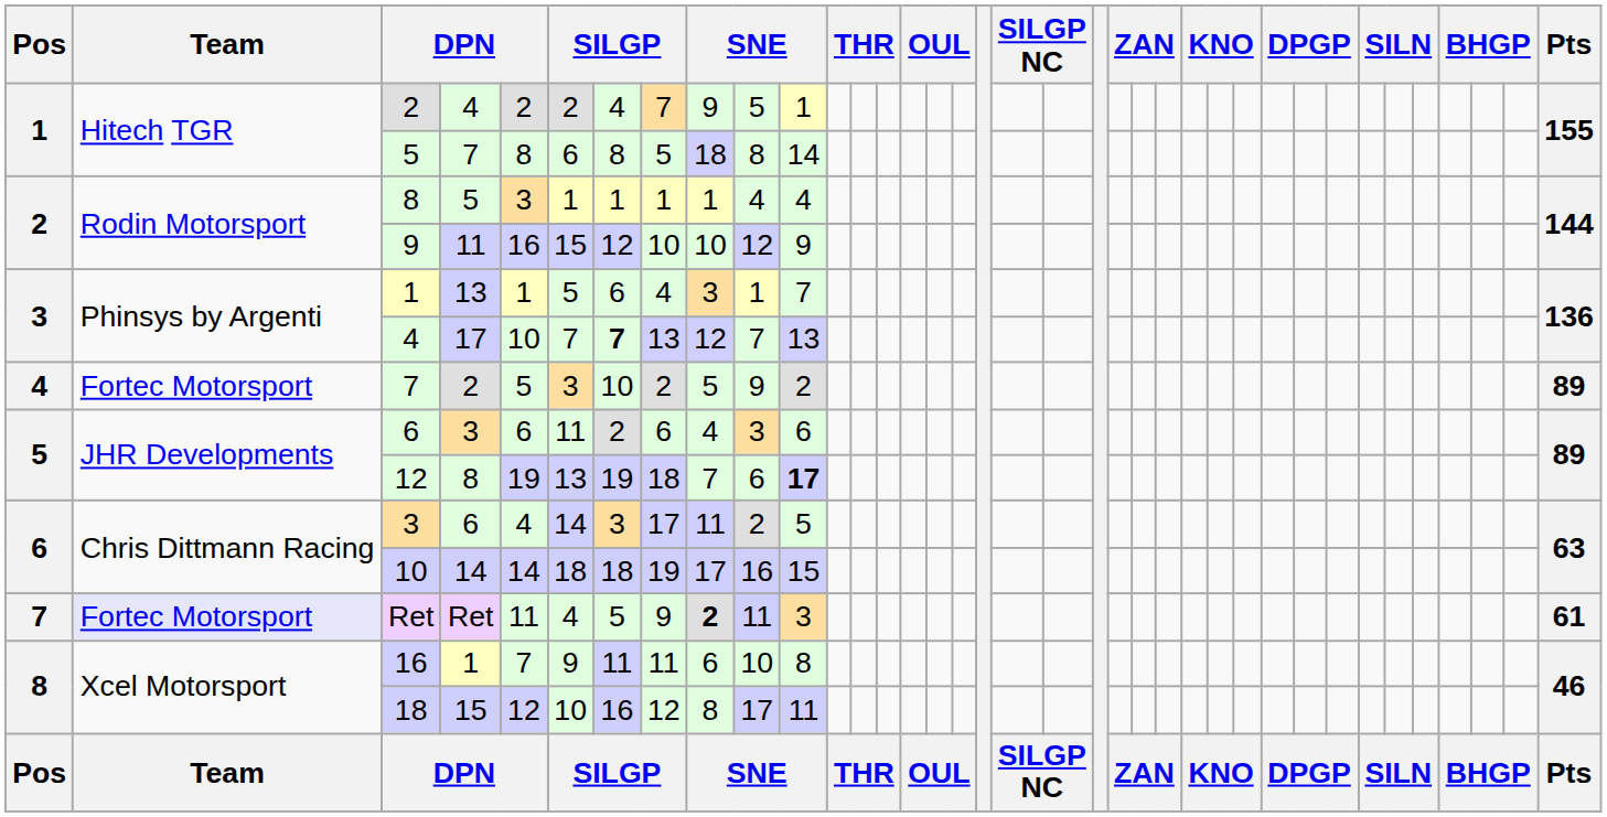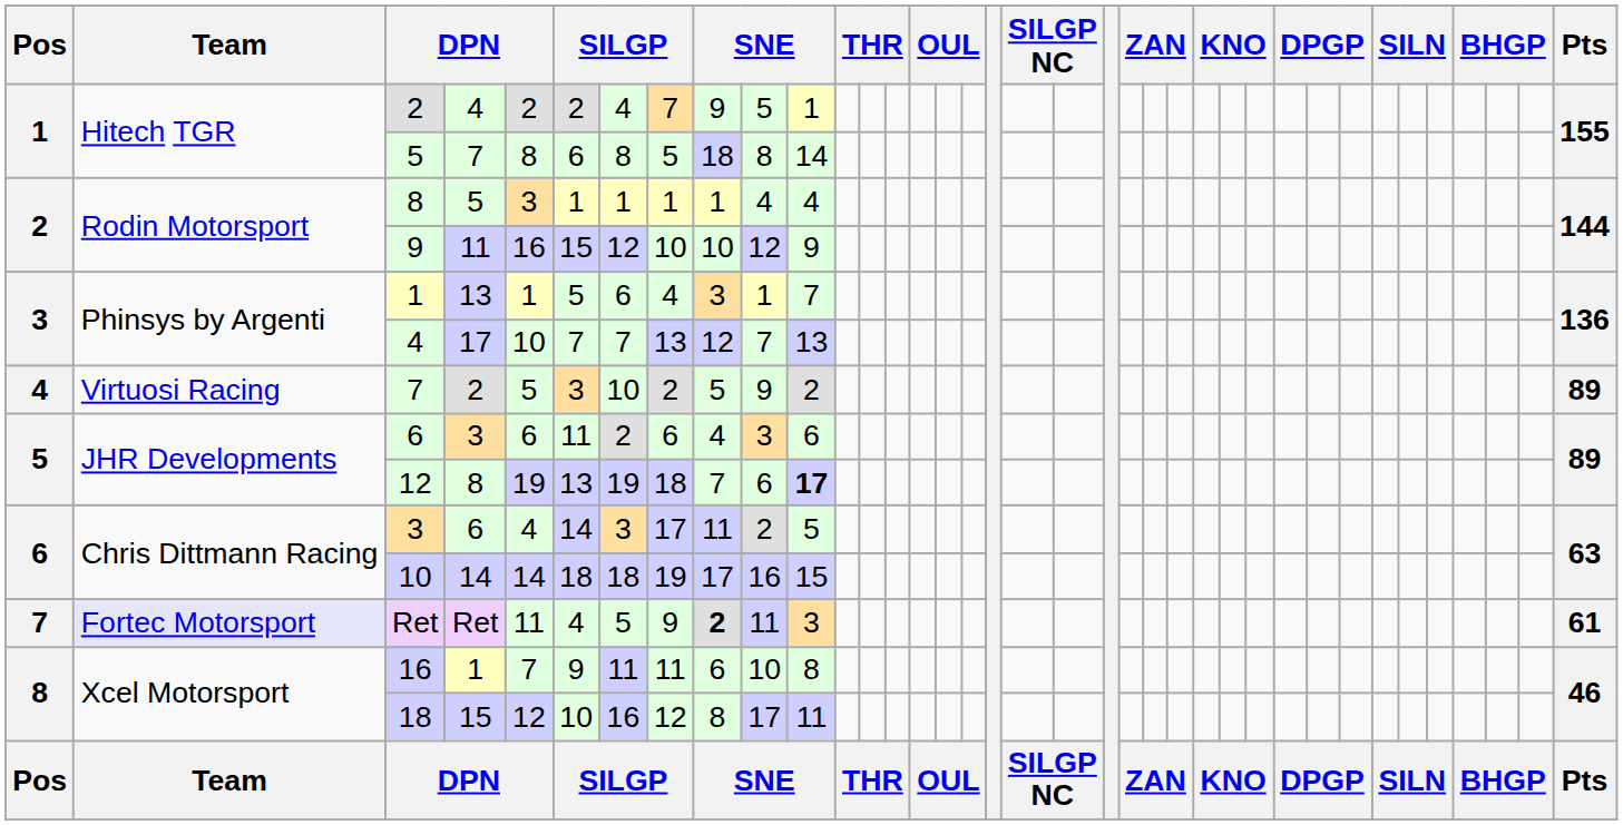 <table class="wikitable" style="font-size: 85%; text-align:center">
 <tr>
 <th>Pos</th>
 <th>Team</th>
 <th colspan="3"><a href='#'>DPN</a><br></th>
 <th colspan="3"><a href='#'>SILGP</a><br></th>
 <th colspan="3"><a href='#'>SNE</a><br></th>
 <th colspan="3"><a href='#'>THR</a><br></th>
 <th colspan="3"><a href='#'>OUL</a><br></th>
 <th rowspan="16"></th>
 <th colspan="2"><a href='#'>SILGP</a><br>NC<br></th>
 <th rowspan="16"></th>
 <th colspan="3"><a href='#'>ZAN</a><br></th>
 <th colspan="3"><a href='#'>KNO</a><br></th>
 <th colspan="3"><a href='#'>DPGP</a><br></th>
 <th colspan="3"><a href='#'>SILN</a><br></th>
 <th colspan="3"><a href='#'>BHGP</a><br></th>
 <th>Pts</th>
 </tr>
 <tr>
 <th rowspan="2">1</th>
 <td rowspan="2" style="text-align:left"> <a href='#'>Hitech</a> <a href='#'>TGR</a></td>
 <td style="background:#DFDFDF">2</td>
 <td style="background:#DFFFDF">4</td>
 <td style="background:#DFDFDF">2</td>
 <td style="background:#DFDFDF">2</td>
 <td style="background:#DFFFDF">4</td>
 <td style="background:#FFDF9F">7</td>
 <td style="background:#DFFFDF">9</td>
 <td style="background:#DFFFDF">5</td>
 <td style="background:#FFFFBF">1</td>
 <td></td>
 <td></td>
 <td></td>
 <td></td>
 <td></td>
 <td></td>
 <td></td>
 <td></td>
 <td></td>
 <td></td>
 <td></td>
 <td></td>
 <td></td>
 <td></td>
 <td></td>
 <td></td>
 <td></td>
 <td></td>
 <td></td>
 <td></td>
 <td></td>
 <td></td>
 <td></td>
 <th rowspan="2">155</th>
 </tr>
 <tr>
 <td style="background:#DFFFDF">5</td>
 <td style="background:#DFFFDF">7</td>
 <td style="background:#DFFFDF">8</td>
 <td style="background:#DFFFDF">6</td>
 <td style="background:#DFFFDF">8</td>
 <td style="background:#DFFFDF">5</td>
 <td style="background:#CFCFFF">18</td>
 <td style="background:#DFFFDF">8</td>
 <td style="background:#DFFFDF">14</td>
 <td></td>
 <td></td>
 <td></td>
 <td></td>
 <td></td>
 <td></td>
 <td></td>
 <td></td>
 <td></td>
 <td></td>
 <td></td>
 <td></td>
 <td></td>
 <td></td>
 <td></td>
 <td></td>
 <td></td>
 <td></td>
 <td></td>
 <td></td>
 <td></td>
 <td></td>
 <td></td>
 </tr>
 <tr>
 <th rowspan="2">2</th>
 <td rowspan="2" style="text-align:left"> <a href='#'>Rodin Motorsport</a></td>
 <td style="background:#DFFFDF">8</td>
 <td style="background:#DFFFDF">5</td>
 <td style="background:#FFDF9F">3</td>
 <td style="background:#FFFFBF">1</td>
 <td style="background:#FFFFBF">1</td>
 <td style="background:#FFFFBF">1</td>
 <td style="background:#FFFFBF">1</td>
 <td style="background:#DFFFDF">4</td>
 <td style="background:#DFFFDF">4</td>
 <td></td>
 <td></td>
 <td></td>
 <td></td>
 <td></td>
 <td></td>
 <td></td>
 <td></td>
 <td></td>
 <td></td>
 <td></td>
 <td></td>
 <td></td>
 <td></td>
 <td></td>
 <td></td>
 <td></td>
 <td></td>
 <td></td>
 <td></td>
 <td></td>
 <td></td>
 <td></td>
 <th rowspan="2">144</th>
 </tr>
 <tr>
 <td style="background:#DFFFDF">9</td>
 <td style="background:#CFCFFF">11</td>
 <td style="background:#CFCFFF">16</td>
 <td style="background:#CFCFFF">15</td>
 <td style="background:#CFCFFF">12</td>
 <td style="background:#DFFFDF">10</td>
 <td style="background:#DFFFDF">10</td>
 <td style="background:#CFCFFF">12</td>
 <td style="background:#DFFFDF">9</td>
 <td></td>
 <td></td>
 <td></td>
 <td></td>
 <td></td>
 <td></td>
 <td></td>
 <td></td>
 <td></td>
 <td></td>
 <td></td>
 <td></td>
 <td></td>
 <td></td>
 <td></td>
 <td></td>
 <td></td>
 <td></td>
 <td></td>
 <td></td>
 <td></td>
 <td></td>
 <td></td>
 </tr>
 <tr>
 <th rowspan="2">3</th>
 <td rowspan="2" style="text-align:left"> Phinsys by Argenti</td>
 <td style="background:#FFFFBF">1</td>
 <td style="background:#CFCFFF">13</td>
 <td style="background:#FFFFBF">1</td>
 <td style="background:#DFFFDF">5</td>
 <td style="background:#DFFFDF">6</td>
 <td style="background:#DFFFDF">4</td>
 <td style="background:#FFDF9F">3</td>
 <td style="background:#FFFFBF">1</td>
 <td style="background:#DFFFDF">7</td>
 <td></td>
 <td></td>
 <td></td>
 <td></td>
 <td></td>
 <td></td>
 <td></td>
 <td></td>
 <td></td>
 <td></td>
 <td></td>
 <td></td>
 <td></td>
 <td></td>
 <td></td>
 <td></td>
 <td></td>
 <td></td>
 <td></td>
 <td></td>
 <td></td>
 <td></td>
 <td></td>
 <th rowspan="2">136</th>
 </tr>
 <tr>
 <td style="background:#DFFFDF">4</td>
 <td style="background:#CFCFFF">17</td>
 <td style="background:#DFFFDF">10</td>
 <td style="background:#DFFFDF">7</td>
-<td style="background:#DFFFDF"><strong>7</strong></td>
+<td style="background:#DFFFDF">7</td>
 <td style="background:#CFCFFF">13</td>
 <td style="background:#CFCFFF">12</td>
 <td style="background:#DFFFDF">7</td>
 <td style="background:#CFCFFF">13</td>
 <td></td>
 <td></td>
 <td></td>
 <td></td>
 <td></td>
 <td></td>
 <td></td>
 <td></td>
 <td></td>
 <td></td>
 <td></td>
 <td></td>
 <td></td>
 <td></td>
 <td></td>
 <td></td>
 <td></td>
 <td></td>
 <td></td>
 <td></td>
 <td></td>
 <td></td>
 <td></td>
 </tr>
 <tr>
 <th>4</th>
-<td style="text-align:left"> <a href='#'>Fortec Motorsport</a></td>
+<td style="text-align:left"> <a href='#'>Virtuosi Racing</a></td>
 <td style="background:#DFFFDF">7</td>
 <td style="background:#DFDFDF">2</td>
 <td style="background:#DFFFDF">5</td>
 <td style="background:#FFDF9F">3</td>
 <td style="background:#DFFFDF">10</td>
 <td style="background:#DFDFDF">2</td>
 <td style="background:#DFFFDF">5</td>
 <td style="background:#DFFFDF">9</td>
 <td style="background:#DFDFDF">2</td>
 <td></td>
 <td></td>
 <td></td>
 <td></td>
 <td></td>
 <td></td>
 <td></td>
 <td></td>
 <td></td>
 <td></td>
 <td></td>
 <td></td>
 <td></td>
 <td></td>
 <td></td>
 <td></td>
 <td></td>
 <td></td>
 <td></td>
 <td></td>
 <td></td>
 <td></td>
 <td></td>
 <th>89</th>
 </tr>
 <tr>
 <th rowspan="2">5</th>
 <td rowspan="2" style="text-align:left"> <a href='#'>JHR Developments</a></td>
 <td style="background:#DFFFDF">6</td>
 <td style="background:#FFDF9F">3</td>
 <td style="background:#DFFFDF">6</td>
 <td style="background:#DFFFDF">11</td>
 <td style="background:#DFDFDF">2</td>
 <td style="background:#DFFFDF">6</td>
 <td style="background:#DFFFDF">4</td>
 <td style="background:#FFDF9F">3</td>
 <td style="background:#DFFFDF">6</td>
 <td></td>
 <td></td>
 <td></td>
 <td></td>
 <td></td>
 <td></td>
 <td></td>
 <td></td>
 <td></td>
 <td></td>
 <td></td>
 <td></td>
 <td></td>
 <td></td>
 <td></td>
 <td></td>
 <td></td>
 <td></td>
 <td></td>
 <td></td>
 <td></td>
 <td></td>
 <td></td>
 <th rowspan="2">89</th>
 </tr>
 <tr>
 <td style="background:#DFFFDF">12</td>
 <td style="background:#DFFFDF">8</td>
 <td style="background:#CFCFFF">19</td>
 <td style="background:#CFCFFF">13</td>
 <td style="background:#CFCFFF">19</td>
 <td style="background:#CFCFFF">18</td>
 <td style="background:#DFFFDF">7</td>
 <td style="background:#DFFFDF">6</td>
 <td style="background:#CFCFFF"><strong>17</strong></td>
 <td></td>
 <td></td>
 <td></td>
 <td></td>
 <td></td>
 <td></td>
 <td></td>
 <td></td>
 <td></td>
 <td></td>
 <td></td>
 <td></td>
 <td></td>
 <td></td>
 <td></td>
 <td></td>
 <td></td>
 <td></td>
 <td></td>
 <td></td>
 <td></td>
 <td></td>
 <td></td>
 </tr>
 <tr>
 <th rowspan="2">6</th>
 <td rowspan="2" style="text-align:left"> Chris Dittmann Racing</td>
 <td style="background:#FFDF9F">3</td>
 <td style="background:#DFFFDF">6</td>
 <td style="background:#DFFFDF">4</td>
 <td style="background:#CFCFFF">14</td>
 <td style="background:#FFDF9F">3</td>
 <td style="background:#CFCFFF">17</td>
 <td style="background:#CFCFFF">11</td>
 <td style="background:#DFDFDF">2</td>
 <td style="background:#DFFFDF">5</td>
 <td></td>
 <td></td>
 <td></td>
 <td></td>
 <td></td>
 <td></td>
 <td></td>
 <td></td>
 <td></td>
 <td></td>
 <td></td>
 <td></td>
 <td></td>
 <td></td>
 <td></td>
 <td></td>
 <td></td>
 <td></td>
 <td></td>
 <td></td>
 <td></td>
 <td></td>
 <td></td>
 <th rowspan="2">63</th>
 </tr>
 <tr>
 <td style="background:#CFCFFF">10</td>
 <td style="background:#CFCFFF">14</td>
 <td style="background:#CFCFFF">14</td>
 <td style="background:#CFCFFF">18</td>
 <td style="background:#CFCFFF">18</td>
 <td style="background:#CFCFFF">19</td>
 <td style="background:#CFCFFF">17</td>
 <td style="background:#CFCFFF">16</td>
 <td style="background:#CFCFFF">15</td>
 <td></td>
 <td></td>
 <td></td>
 <td></td>
 <td></td>
 <td></td>
 <td></td>
 <td></td>
 <td></td>
 <td></td>
 <td></td>
 <td></td>
 <td></td>
 <td></td>
 <td></td>
 <td></td>
 <td></td>
 <td></td>
 <td></td>
 <td></td>
 <td></td>
 <td></td>
 <td></td>
 </tr>
 <tr>
 <th>7</th>
 <td style="background: lavender; text-align:left"> <a href='#'>Fortec Motorsport</a></td>
 <td style="background:#EFCFFF">Ret</td>
 <td style="background:#EFCFFF">Ret</td>
 <td style="background:#DFFFDF">11</td>
 <td style="background:#DFFFDF">4</td>
 <td style="background:#DFFFDF">5</td>
 <td style="background:#DFFFDF">9</td>
 <td style="background:#DFDFDF"><strong>2</strong></td>
 <td style="background:#CFCFFF">11</td>
 <td style="background:#FFDF9F">3</td>
 <td></td>
 <td></td>
 <td></td>
 <td></td>
 <td></td>
 <td></td>
 <td></td>
 <td></td>
 <td></td>
 <td></td>
 <td></td>
 <td></td>
 <td></td>
 <td></td>
 <td></td>
 <td></td>
 <td></td>
 <td></td>
 <td></td>
 <td></td>
 <td></td>
 <td></td>
 <td></td>
 <th>61</th>
 </tr>
 <tr>
 <th rowspan="2">8</th>
 <td rowspan="2" style="text-align:left"> Xcel Motorsport</td>
 <td style="background:#CFCFFF">16</td>
 <td style="background:#FFFFBF">1</td>
 <td style="background:#DFFFDF">7</td>
 <td style="background:#DFFFDF">9</td>
 <td style="background:#CFCFFF">11</td>
 <td style="background:#DFFFDF">11</td>
 <td style="background:#DFFFDF">6</td>
 <td style="background:#DFFFDF">10</td>
 <td style="background:#DFFFDF">8</td>
 <td></td>
 <td></td>
 <td></td>
 <td></td>
 <td></td>
 <td></td>
 <td></td>
 <td></td>
 <td></td>
 <td></td>
 <td></td>
 <td></td>
 <td></td>
 <td></td>
 <td></td>
 <td></td>
 <td></td>
 <td></td>
 <td></td>
 <td></td>
 <td></td>
 <td></td>
 <td></td>
 <th rowspan="2">46</th>
 </tr>
 <tr>
 <td style="background:#CFCFFF">18</td>
 <td style="background:#CFCFFF">15</td>
 <td style="background:#CFCFFF">12</td>
 <td style="background:#DFFFDF">10</td>
 <td style="background:#CFCFFF">16</td>
 <td style="background:#DFFFDF">12</td>
 <td style="background:#DFFFDF">8</td>
 <td style="background:#CFCFFF">17</td>
 <td style="background:#CFCFFF">11</td>
 <td></td>
 <td></td>
 <td></td>
 <td></td>
 <td></td>
 <td></td>
 <td></td>
 <td></td>
 <td></td>
 <td></td>
 <td></td>
 <td></td>
 <td></td>
 <td></td>
 <td></td>
 <td></td>
 <td></td>
 <td></td>
 <td></td>
 <td></td>
 <td></td>
 <td></td>
 <td></td>
 </tr>
 <tr>
 <th>Pos</th>
 <th>Team</th>
 <th colspan="3"><a href='#'>DPN</a><br></th>
 <th colspan="3"><a href='#'>SILGP</a><br></th>
 <th colspan="3"><a href='#'>SNE</a><br></th>
 <th colspan="3"><a href='#'>THR</a><br></th>
 <th colspan="3"><a href='#'>OUL</a><br></th>
 <th colspan="2"><a href='#'>SILGP</a><br>NC<br></th>
 <th colspan="3"><a href='#'>ZAN</a><br></th>
 <th colspan="3"><a href='#'>KNO</a><br></th>
 <th colspan="3"><a href='#'>DPGP</a><br></th>
 <th colspan="3"><a href='#'>SILN</a><br></th>
 <th colspan="3"><a href='#'>BHGP</a><br></th>
 <th>Pts</th>
 </tr>
 </table>
